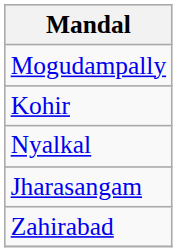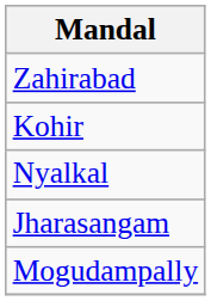 <table class="wikitable sortable static-row-numbers static-row-header-hash">
 <tr>
 <th>Mandal</th>
 </tr>
 <tr>
-<td><a href='#'>Mogudampally</a></td>
+<td><a href='#'>Zahirabad</a></td>
 </tr>
 <tr>
 <td><a href='#'>Kohir</a></td>
 </tr>
 <tr>
 <td><a href='#'>Nyalkal</a></td>
 </tr>
 <tr>
 <td><a href='#'>Jharasangam</a></td>
 </tr>
 <tr>
-<td><a href='#'>Zahirabad</a></td>
+<td><a href='#'>Mogudampally</a></td>
 </tr>
 <tr>
 </tr>
 </table>
